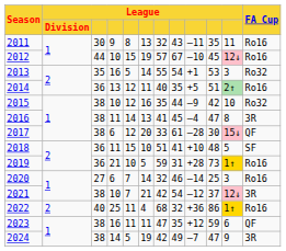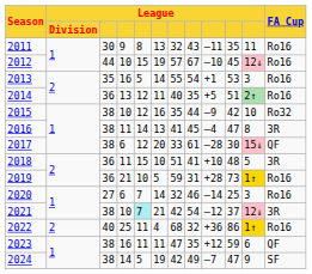 <table class="wikitable">
 <tr class="unsortable">
 <th rowspan="2" scope="col" style="color:#FF0000; background:#f8d535">Season</th>
 <th colspan="10" scope="col" style="color:#FF0000; background:#f8d535">League</th>
 <th rowspan="2" scope="col" style="color:#FF0000; background:#f8d535"><a href='#'><span>FA Cup</span></a></th>
 </tr>
 <tr>
 <th scope="col" style="color:#FF0000; background:#f8d535;">Division</th>
 <th scope="col" style="color:#FF0000; background:#f8d535;"></th>
 <th scope="col" style="color:#FF0000; background:#f8d535;"></th>
 <th scope="col" style="color:#FF0000; background:#f8d535;"></th>
 <th scope="col" style="color:#FF0000; background:#f8d535;"></th>
 <th scope="col" style="color:#FF0000; background:#f8d535;"></th>
 <th scope="col" style="color:#FF0000; background:#f8d535;"></th>
 <th scope="col" style="color:#FF0000; background:#f8d535;"></th>
 <th scope="col" style="color:#FF0000; background:#f8d535;"></th>
 <th scope="col" style="color:#FF0000; background:#f8d535;"></th>
 </tr>
 <tr>
 <td><a href='#'>2011</a></td>
 <td rowspan="2"><a href='#'>1</a></td>
 <td>30</td>
 <td>9</td>
 <td>8</td>
 <td>13</td>
 <td>32</td>
 <td>43</td>
 <td>–11</td>
 <td>35</td>
 <td>11</td>
 <td>Ro16</td>
 </tr>
 <tr>
 <td><a href='#'>2012</a></td>
 <td>44</td>
 <td>10</td>
 <td>15</td>
 <td>19</td>
 <td>57</td>
 <td>67</td>
 <td>–10</td>
 <td>45</td>
 <td bgcolor=pink>12↓</td>
 <td>Ro16</td>
 </tr>
 <tr>
 <td><a href='#'>2013</a></td>
 <td rowspan="2"><a href='#'>2</a></td>
 <td>35</td>
 <td>16</td>
 <td>5</td>
 <td>14</td>
 <td>55</td>
 <td>54</td>
 <td>+1</td>
 <td>53</td>
 <td>3</td>
-<td>Ro32</td>
+<td>Ro16</td>
 </tr>
 <tr>
 <td><a href='#'>2014</a></td>
 <td>36</td>
 <td>13</td>
 <td>12</td>
 <td>11</td>
 <td>40</td>
 <td>35</td>
 <td>+5</td>
 <td>51</td>
 <td style="background-color:#ACE1AF">2↑</td>
 <td>Ro16</td>
 </tr>
 <tr>
 <td><a href='#'>2015</a></td>
 <td rowspan="3"><a href='#'>1</a></td>
 <td>38</td>
 <td>10</td>
 <td>12</td>
 <td>16</td>
 <td>35</td>
 <td>44</td>
 <td>–9</td>
 <td>42</td>
 <td>10</td>
 <td>Ro32</td>
 </tr>
 <tr>
 <td><a href='#'>2016</a></td>
 <td>38</td>
 <td>11</td>
 <td>14</td>
 <td>13</td>
 <td>41</td>
 <td>45</td>
 <td>–4</td>
 <td>47</td>
 <td>8</td>
 <td>3R</td>
 </tr>
 <tr>
 <td><a href='#'>2017</a></td>
 <td>38</td>
 <td>6</td>
 <td>12</td>
 <td>20</td>
 <td>33</td>
 <td>61</td>
 <td>–28</td>
 <td>30</td>
 <td bgcolor=pink>15↓</td>
 <td>QF</td>
 </tr>
 <tr>
 <td><a href='#'>2018</a></td>
 <td rowspan="2"><a href='#'>2</a></td>
 <td>36</td>
 <td>11</td>
 <td>15</td>
 <td>10</td>
 <td>51</td>
 <td>41</td>
 <td>+10</td>
 <td>48</td>
 <td>5</td>
-<td>SF</td>
+<td>3R</td>
 </tr>
 <tr>
 <td><a href='#'>2019</a></td>
 <td>36</td>
 <td>21</td>
 <td>10</td>
 <td>5</td>
 <td>59</td>
 <td>31</td>
 <td>+28</td>
 <td>73</td>
 <td style="background-color:gold">1↑</td>
 <td>Ro16</td>
 </tr>
 <tr>
 <td><a href='#'>2020</a></td>
 <td rowspan="2"><a href='#'>1</a></td>
 <td>27</td>
 <td>6</td>
 <td>7</td>
 <td>14</td>
 <td>32</td>
 <td>46</td>
 <td>–14</td>
 <td>25</td>
 <td>3</td>
 <td>Ro16</td>
 </tr>
 <tr>
 <td><a href='#'>2021</a></td>
 <td>38</td>
 <td>10</td>
-<td>7</td>
+<td style="background: paleturquoise;">7</td>
 <td>21</td>
 <td>42</td>
 <td>54</td>
 <td>–12</td>
 <td>37</td>
 <td bgcolor=pink>12↓</td>
 <td>3R</td>
 </tr>
 <tr>
 <td><a href='#'>2022</a></td>
 <td><a href='#'>2</a></td>
 <td>40</td>
 <td>25</td>
 <td>11</td>
 <td>4</td>
 <td>68</td>
 <td>32</td>
 <td>+36</td>
 <td>86</td>
 <td style="background-color:gold">1↑</td>
 <td>Ro16</td>
 </tr>
 <tr>
 <td><a href='#'>2023</a></td>
 <td rowspan="2"><a href='#'>1</a></td>
 <td>38</td>
 <td>16</td>
 <td>11</td>
 <td>11</td>
 <td>47</td>
 <td>35</td>
 <td>+12</td>
 <td>59</td>
 <td>6</td>
 <td>QF</td>
 </tr>
 <tr>
 <td><a href='#'>2024</a></td>
 <td>38</td>
 <td>14</td>
 <td>5</td>
 <td>19</td>
 <td>42</td>
 <td>49</td>
 <td>–7</td>
 <td>47</td>
 <td>9</td>
-<td>3R</td>
+<td>SF</td>
 </tr>
 </table>
